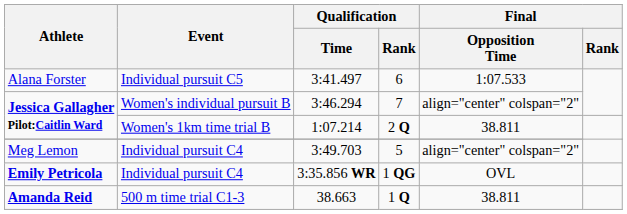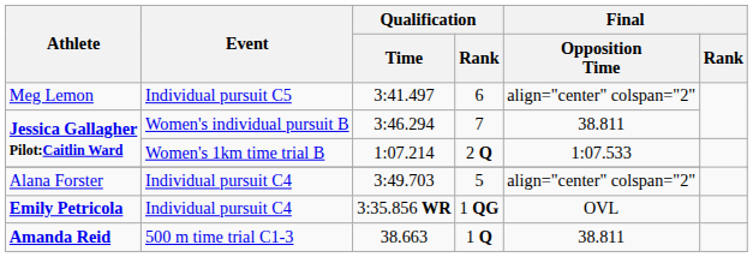 <table class=wikitable style="font-size:90%">
 <tr>
 <th rowspan="2">Athlete</th>
 <th rowspan="2">Event</th>
 <th colspan="2">Qualification</th>
 <th colspan="2">Final</th>
 </tr>
 <tr>
 <th>Time</th>
 <th>Rank</th>
 <th>Opposition<br>Time</th>
 <th>Rank</th>
 </tr>
 <tr align=center>
-<td align=left><a href='#'>Alana Forster</a></td>
+<td align=left><a href='#'>Meg Lemon</a></td>
 <td align=left><a href='#'>Individual pursuit C5</a></td>
 <td>3:41.497</td>
 <td>6</td>
-<td>1:07.533</td>
+<td>align="center" colspan="2" </td>
 </tr>
 <tr align=center>
 <td align=left rowspan="2"><strong><a href='#'>Jessica Gallagher</a></strong><br><small> <strong>Pilot:<a href='#'>Caitlin Ward</a></strong> </small></td>
 <td align=left><a href='#'>Women's individual pursuit B</a></td>
 <td>3:46.294</td>
 <td>7</td>
-<td>align="center" colspan="2" </td>
+<td>38.811</td>
 </tr>
 <tr align=center>
 <td align=left><a href='#'>Women's 1km time trial B</a></td>
 <td>1:07.214</td>
 <td>2 <strong>Q</strong></td>
-<td>38.811</td>
+<td>1:07.533</td>
 <td></td>
 </tr>
 <tr>
 </tr>
 <tr align=center>
-<td align=left><a href='#'>Meg Lemon</a></td>
+<td align=left><a href='#'>Alana Forster</a></td>
 <td align=left><a href='#'>Individual pursuit C4</a></td>
 <td>3:49.703</td>
 <td>5</td>
 <td>align="center" colspan="2" </td>
 </tr>
 <tr align=center>
 <td align=left><strong><a href='#'>Emily Petricola</a></strong></td>
 <td align=left><a href='#'>Individual pursuit C4</a></td>
 <td>3:35.856 <strong>WR</strong></td>
 <td>1 <strong>QG</strong></td>
 <td>OVL</td>
 <td></td>
 </tr>
 <tr align=center>
 <td align=left><strong><a href='#'>Amanda Reid</a></strong></td>
 <td align=left><a href='#'>500 m time trial C1-3</a></td>
 <td>38.663</td>
 <td>1 <strong>Q</strong></td>
 <td>38.811</td>
 <td></td>
 </tr>
 </table>
